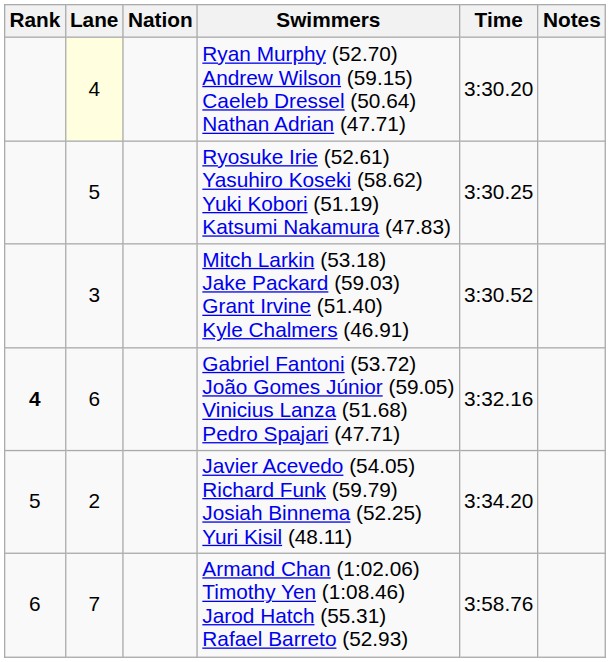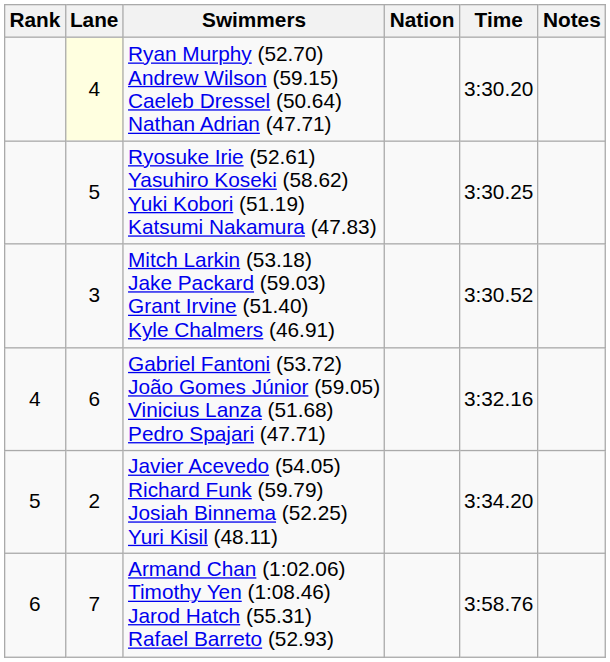 <table class="wikitable sortable" style="text-align:center">
 <tr>
 <th>Rank</th>
 <th>Lane</th>
+<th>Swimmers</th>
 <th>Nation</th>
-<th>Swimmers</th>
 <th>Time</th>
 <th>Notes</th>
 </tr>
 <tr>
 <td></td>
 <td style="background: lightyellow;">4</td>
+<td align=left><a href='#'>Ryan Murphy</a> (52.70)<br><a href='#'>Andrew Wilson</a> (59.15)<br><a href='#'>Caeleb Dressel</a> (50.64)<br><a href='#'>Nathan Adrian</a> (47.71)</td>
 <td align=left></td>
-<td align=left><a href='#'>Ryan Murphy</a> (52.70)<br><a href='#'>Andrew Wilson</a> (59.15)<br><a href='#'>Caeleb Dressel</a> (50.64)<br><a href='#'>Nathan Adrian</a> (47.71)</td>
 <td>3:30.20</td>
 <td></td>
 </tr>
 <tr>
 <td></td>
 <td>5</td>
+<td align=left><a href='#'>Ryosuke Irie</a> (52.61)<br><a href='#'>Yasuhiro Koseki</a> (58.62)<br><a href='#'>Yuki Kobori</a> (51.19)<br><a href='#'>Katsumi Nakamura</a> (47.83)</td>
 <td align=left></td>
-<td align=left><a href='#'>Ryosuke Irie</a> (52.61)<br><a href='#'>Yasuhiro Koseki</a> (58.62)<br><a href='#'>Yuki Kobori</a> (51.19)<br><a href='#'>Katsumi Nakamura</a> (47.83)</td>
 <td>3:30.25</td>
 <td></td>
 </tr>
 <tr>
 <td></td>
 <td>3</td>
+<td align=left><a href='#'>Mitch Larkin</a> (53.18)<br><a href='#'>Jake Packard</a> (59.03)<br><a href='#'>Grant Irvine</a> (51.40)<br><a href='#'>Kyle Chalmers</a> (46.91)</td>
 <td align=left></td>
-<td align=left><a href='#'>Mitch Larkin</a> (53.18)<br><a href='#'>Jake Packard</a> (59.03)<br><a href='#'>Grant Irvine</a> (51.40)<br><a href='#'>Kyle Chalmers</a> (46.91)</td>
 <td>3:30.52</td>
 <td></td>
 </tr>
 <tr>
-<td><strong>4</strong></td>
+<td>4</td>
 <td>6</td>
+<td align=left><a href='#'>Gabriel Fantoni</a> (53.72)<br><a href='#'>João Gomes Júnior</a> (59.05)<br><a href='#'>Vinicius Lanza</a> (51.68)<br><a href='#'>Pedro Spajari</a> (47.71)</td>
 <td align=left></td>
-<td align=left><a href='#'>Gabriel Fantoni</a> (53.72)<br><a href='#'>João Gomes Júnior</a> (59.05)<br><a href='#'>Vinicius Lanza</a> (51.68)<br><a href='#'>Pedro Spajari</a> (47.71)</td>
 <td>3:32.16</td>
 <td></td>
 </tr>
 <tr>
 <td>5</td>
 <td>2</td>
+<td align=left><a href='#'>Javier Acevedo</a> (54.05)<br><a href='#'>Richard Funk</a> (59.79)<br><a href='#'>Josiah Binnema</a> (52.25)<br><a href='#'>Yuri Kisil</a> (48.11)</td>
 <td align=left></td>
-<td align=left><a href='#'>Javier Acevedo</a> (54.05)<br><a href='#'>Richard Funk</a> (59.79)<br><a href='#'>Josiah Binnema</a> (52.25)<br><a href='#'>Yuri Kisil</a> (48.11)</td>
 <td>3:34.20</td>
 <td></td>
 </tr>
 <tr>
 <td>6</td>
 <td>7</td>
+<td align=left><a href='#'>Armand Chan</a> (1:02.06)<br><a href='#'>Timothy Yen</a> (1:08.46)<br><a href='#'>Jarod Hatch</a> (55.31)<br><a href='#'>Rafael Barreto</a> (52.93)</td>
 <td align=left></td>
-<td align=left><a href='#'>Armand Chan</a> (1:02.06)<br><a href='#'>Timothy Yen</a> (1:08.46)<br><a href='#'>Jarod Hatch</a> (55.31)<br><a href='#'>Rafael Barreto</a> (52.93)</td>
 <td>3:58.76</td>
 <td></td>
 </tr>
 </table>
